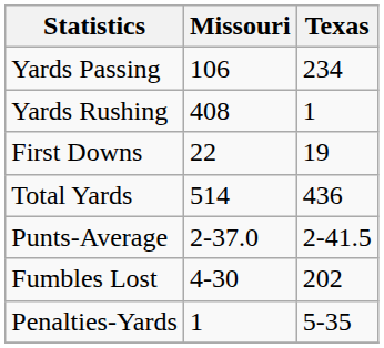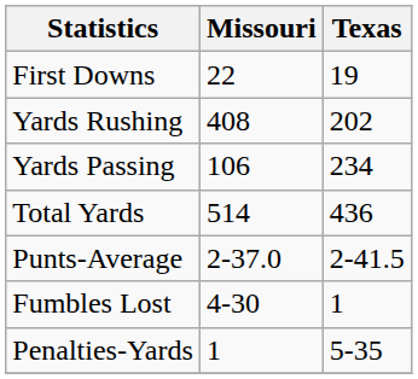 <table class="wikitable">
 <tr>
 <th>Statistics</th>
 <th>Missouri</th>
 <th>Texas</th>
 </tr>
 <tr>
-<td>Yards Passing</td>
-<td>106</td>
-<td>234</td>
+<td>First Downs</td>
+<td>22</td>
+<td>19</td>
 </tr>
 <tr>
 <td>Yards Rushing</td>
 <td>408</td>
-<td>1</td>
+<td>202</td>
 </tr>
 <tr>
-<td>First Downs</td>
-<td>22</td>
-<td>19</td>
+<td>Yards Passing</td>
+<td>106</td>
+<td>234</td>
 </tr>
 <tr>
 <td>Total Yards</td>
 <td>514</td>
 <td>436</td>
 </tr>
 <tr>
 <td>Punts-Average</td>
 <td>2-37.0</td>
 <td>2-41.5</td>
 </tr>
 <tr>
 <td>Fumbles Lost</td>
 <td>4-30</td>
-<td>202</td>
+<td>1</td>
 </tr>
 <tr>
 <td>Penalties-Yards</td>
 <td>1</td>
 <td>5-35</td>
 </tr>
 <tr>
 </tr>
 </table>
